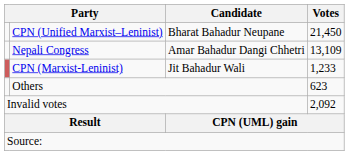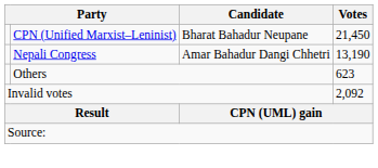 <table class="wikitable">
 <tr>
 <th colspan="2">Party</th>
 <th>Candidate</th>
 <th>Votes</th>
 </tr>
 <tr>
 <td style="background-color:"></td>
 <td><a href='#'>CPN (Unified Marxist–Leninist)</a></td>
 <td>Bharat Bahadur Neupane</td>
 <td>21,450</td>
 </tr>
 <tr>
 <td style="background-color:"></td>
 <td><a href='#'>Nepali Congress</a></td>
 <td>Amar Bahadur Dangi Chhetri</td>
-<td>13,109</td>
-</tr>
-<tr>
-<td style="background-color:indianred"></td>
-<td><a href='#'>CPN (Marxist-Leninist)</a></td>
-<td>Jit Bahadur Wali</td>
-<td>1,233</td>
+<td>13,190</td>
 </tr>
 <tr>
 <td></td>
 <td colspan="2">Others</td>
 <td>623</td>
 </tr>
 <tr>
 <td colspan="3">Invalid votes</td>
 <td>2,092</td>
 </tr>
 <tr>
 <th colspan="2">Result</th>
 <th colspan="2">CPN (UML) gain</th>
 </tr>
 <tr>
 <td colspan="4">Source: </td>
 </tr>
 </table>
